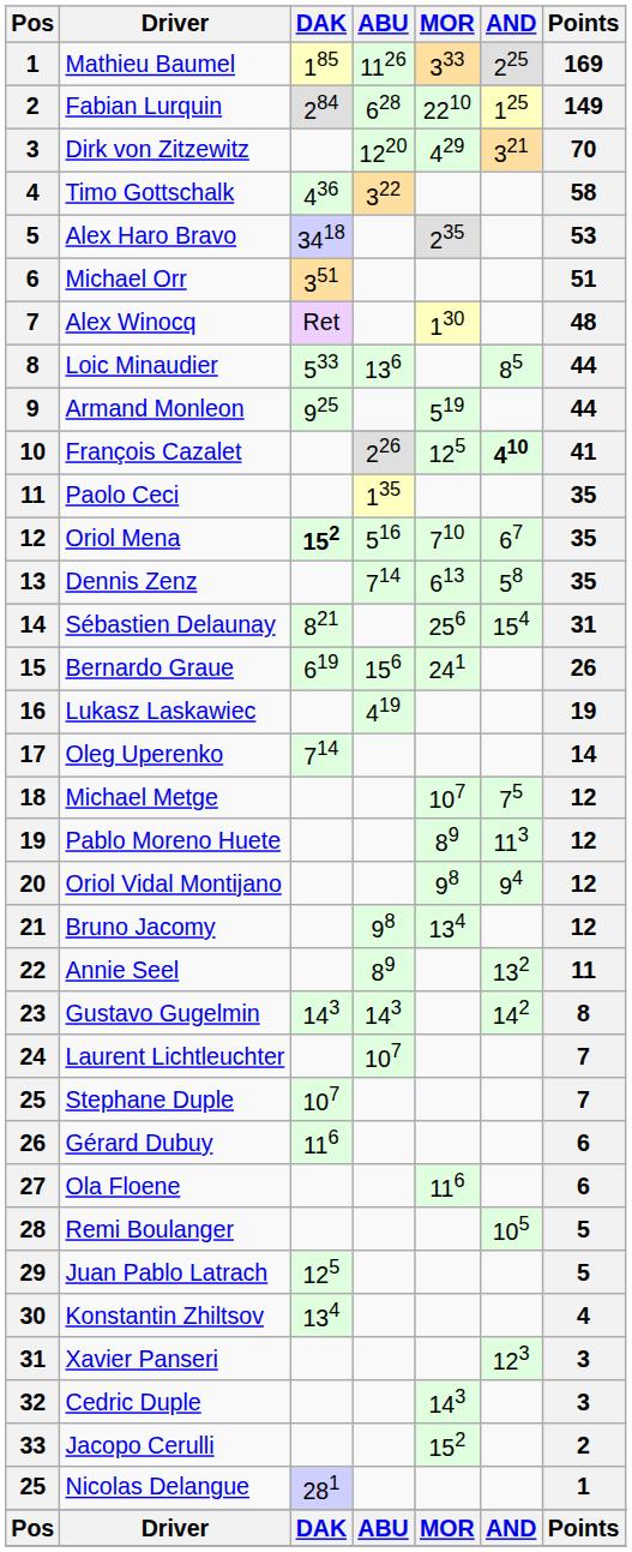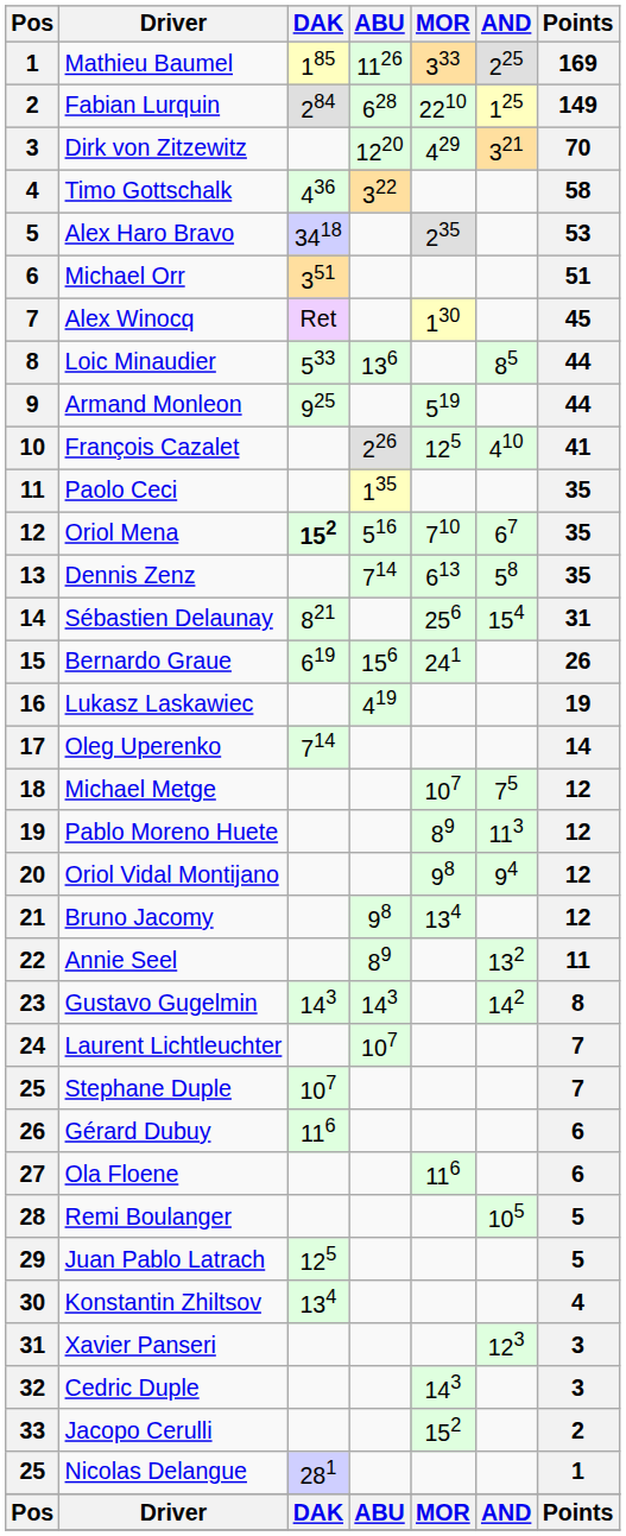 <table class="wikitable" style="font-size: 85%; text-align: center; display: inline-table;">
 <tr valign="top">
 <th valign="middle">Pos</th>
 <th valign="middle">Driver</th>
 <th><a href='#'>DAK</a><br></th>
 <th><a href='#'>ABU</a><br></th>
 <th><a href='#'>MOR</a><br></th>
 <th><a href='#'>AND</a><br></th>
 <th valign="middle">Points</th>
 </tr>
 <tr>
 <th>1</th>
 <td align=left> <a href='#'>Mathieu Baumel</a></td>
 <td style="background:#ffffbf;">1<sup>85</sup></td>
 <td style="background:#dfffdf;">11<sup>26</sup></td>
 <td style="background:#ffdf9f;">3<sup>33</sup></td>
 <td style="background:#dfdfdf;">2<sup>25</sup></td>
 <th>169</th>
 </tr>
 <tr>
 <th>2</th>
 <td align=left> <a href='#'>Fabian Lurquin</a></td>
 <td style="background:#dfdfdf;">2<sup>84</sup></td>
 <td style="background:#dfffdf;">6<sup>28</sup></td>
 <td style="background:#dfffdf;">22<sup>10</sup></td>
 <td style="background:#ffffbf;">1<sup>25</sup></td>
 <th>149</th>
 </tr>
 <tr>
 <th>3</th>
 <td align=left> <a href='#'>Dirk von Zitzewitz</a></td>
 <td></td>
 <td style="background:#dfffdf;">12<sup>20</sup></td>
 <td style="background:#dfffdf;">4<sup>29</sup></td>
 <td style="background:#ffdf9f;">3<sup>21</sup></td>
 <th>70</th>
 </tr>
 <tr>
 <th>4</th>
 <td align=left> <a href='#'>Timo Gottschalk</a></td>
 <td style="background:#dfffdf;">4<sup>36</sup></td>
 <td style="background:#ffdf9f;">3<sup>22</sup></td>
 <td></td>
 <td></td>
 <th>58</th>
 </tr>
 <tr>
 <th>5</th>
 <td align=left> <a href='#'>Alex Haro Bravo</a></td>
 <td style="background:#cfcfff;">34<sup>18</sup></td>
 <td></td>
 <td style="background:#dfdfdf;">2<sup>35</sup></td>
 <td></td>
 <th>53</th>
 </tr>
 <tr>
 <th>6</th>
 <td align=left> <a href='#'>Michael Orr</a></td>
 <td style="background:#ffdf9f;">3<sup>51</sup></td>
 <td></td>
 <td></td>
 <td></td>
 <th>51</th>
 </tr>
 <tr>
 <th>7</th>
 <td align=left> <a href='#'>Alex Winocq</a></td>
 <td style="background:#efcfff;">Ret</td>
 <td></td>
 <td style="background:#ffffbf;">1<sup>30</sup></td>
 <td></td>
-<th>48</th>
+<th>45</th>
 </tr>
 <tr>
 <th>8</th>
 <td align=left> <a href='#'>Loic Minaudier</a></td>
 <td style="background:#dfffdf;">5<sup>33</sup></td>
 <td style="background:#dfffdf;">13<sup>6</sup></td>
 <td></td>
 <td style="background:#dfffdf;">8<sup>5</sup></td>
 <th>44</th>
 </tr>
 <tr>
 <th>9</th>
 <td align=left> <a href='#'>Armand Monleon</a></td>
 <td style="background:#dfffdf;">9<sup>25</sup></td>
 <td></td>
 <td style="background:#dfffdf;">5<sup>19</sup></td>
 <td></td>
 <th>44</th>
 </tr>
 <tr>
 <th>10</th>
 <td align=left> <a href='#'>François Cazalet</a></td>
 <td></td>
 <td style="background:#dfdfdf;">2<sup>26</sup></td>
 <td style="background:#dfffdf;">12<sup>5</sup></td>
-<td style="background:#dfffdf;"><strong>4<sup>10</sup></strong></td>
+<td style="background:#dfffdf;">4<sup>10</sup></td>
 <th>41</th>
 </tr>
 <tr>
 <th>11</th>
 <td align=left> <a href='#'>Paolo Ceci</a></td>
 <td></td>
 <td style="background:#ffffbf;">1<sup>35</sup></td>
 <td></td>
 <td></td>
 <th>35</th>
 </tr>
 <tr>
 <th>12</th>
 <td align=left> <a href='#'>Oriol Mena</a></td>
 <td style="background:#dfffdf;"><strong>15<sup>2</sup></strong></td>
 <td style="background:#dfffdf;">5<sup>16</sup></td>
 <td style="background:#dfffdf;">7<sup>10</sup></td>
 <td style="background:#dfffdf;">6<sup>7</sup></td>
 <th>35</th>
 </tr>
 <tr>
 <th>13</th>
 <td align=left> <a href='#'>Dennis Zenz</a></td>
 <td></td>
 <td style="background:#dfffdf;">7<sup>14</sup></td>
 <td style="background:#dfffdf;">6<sup>13</sup></td>
 <td style="background:#dfffdf;">5<sup>8</sup></td>
 <th>35</th>
 </tr>
 <tr>
 <th>14</th>
 <td align=left> <a href='#'>Sébastien Delaunay</a></td>
 <td style="background:#dfffdf;">8<sup>21</sup></td>
 <td></td>
 <td style="background:#dfffdf;">25<sup>6</sup></td>
 <td style="background:#dfffdf;">15<sup>4</sup></td>
 <th>31</th>
 </tr>
 <tr>
 <th>15</th>
 <td align=left> <a href='#'>Bernardo Graue</a></td>
 <td style="background:#dfffdf;">6<sup>19</sup></td>
 <td style="background:#dfffdf;">15<sup>6</sup></td>
 <td style="background:#dfffdf;">24<sup>1</sup></td>
 <td></td>
 <th>26</th>
 </tr>
 <tr>
 <th>16</th>
 <td align=left> <a href='#'>Lukasz Laskawiec</a></td>
 <td></td>
 <td style="background:#dfffdf;">4<sup>19</sup></td>
 <td></td>
 <td></td>
 <th>19</th>
 </tr>
 <tr>
 <th>17</th>
 <td align=left> <a href='#'>Oleg Uperenko</a></td>
 <td style="background:#dfffdf;">7<sup>14</sup></td>
 <td></td>
 <td></td>
 <td></td>
 <th>14</th>
 </tr>
 <tr>
 <th>18</th>
 <td align=left> <a href='#'>Michael Metge</a></td>
 <td></td>
 <td></td>
 <td style="background:#dfffdf;">10<sup>7</sup></td>
 <td style="background:#dfffdf;">7<sup>5</sup></td>
 <th>12</th>
 </tr>
 <tr>
 <th>19</th>
 <td align=left> <a href='#'>Pablo Moreno Huete</a></td>
 <td></td>
 <td></td>
 <td style="background:#dfffdf;">8<sup>9</sup></td>
 <td style="background:#dfffdf;">11<sup>3</sup></td>
 <th>12</th>
 </tr>
 <tr>
 <th>20</th>
 <td align=left> <a href='#'>Oriol Vidal Montijano</a></td>
 <td></td>
 <td></td>
 <td style="background:#dfffdf;">9<sup>8</sup></td>
 <td style="background:#dfffdf;">9<sup>4</sup></td>
 <th>12</th>
 </tr>
 <tr>
 <th>21</th>
 <td align=left> <a href='#'>Bruno Jacomy</a></td>
 <td></td>
 <td style="background:#dfffdf;">9<sup>8</sup></td>
 <td style="background:#dfffdf;">13<sup>4</sup></td>
 <td></td>
 <th>12</th>
 </tr>
 <tr>
 <th>22</th>
 <td align=left> <a href='#'>Annie Seel</a></td>
 <td></td>
 <td style="background:#dfffdf;">8<sup>9</sup></td>
 <td></td>
 <td style="background:#dfffdf;">13<sup>2</sup></td>
 <th>11</th>
 </tr>
 <tr>
 <th>23</th>
 <td align=left> <a href='#'>Gustavo Gugelmin</a></td>
 <td style="background:#dfffdf;">14<sup>3</sup></td>
 <td style="background:#dfffdf;">14<sup>3</sup></td>
 <td></td>
 <td style="background:#dfffdf;">14<sup>2</sup></td>
 <th>8</th>
 </tr>
 <tr>
 <th>24</th>
 <td align=left> <a href='#'>Laurent Lichtleuchter</a></td>
 <td></td>
 <td style="background:#dfffdf;">10<sup>7</sup></td>
 <td></td>
 <td></td>
 <th>7</th>
 </tr>
 <tr>
 <th>25</th>
 <td align=left> <a href='#'>Stephane Duple</a></td>
 <td style="background:#dfffdf;">10<sup>7</sup></td>
 <td></td>
 <td></td>
 <td></td>
 <th>7</th>
 </tr>
 <tr>
 <th>26</th>
 <td align=left> <a href='#'>Gérard Dubuy</a></td>
 <td style="background:#dfffdf;">11<sup>6</sup></td>
 <td></td>
 <td></td>
 <td></td>
 <th>6</th>
 </tr>
 <tr>
 <th>27</th>
 <td align=left> <a href='#'>Ola Floene</a></td>
 <td></td>
 <td></td>
 <td style="background:#dfffdf;">11<sup>6</sup></td>
 <td></td>
 <th>6</th>
 </tr>
 <tr>
 <th>28</th>
 <td align=left> <a href='#'>Remi Boulanger</a></td>
 <td></td>
 <td></td>
 <td></td>
 <td style="background:#dfffdf;">10<sup>5</sup></td>
 <th>5</th>
 </tr>
 <tr>
 <th>29</th>
 <td align=left> <a href='#'>Juan Pablo Latrach</a></td>
 <td style="background:#dfffdf;">12<sup>5</sup></td>
 <td></td>
 <td></td>
 <td></td>
 <th>5</th>
 </tr>
 <tr>
 <th>30</th>
 <td align=left> <a href='#'>Konstantin Zhiltsov</a></td>
 <td style="background:#dfffdf;">13<sup>4</sup></td>
 <td></td>
 <td></td>
 <td></td>
 <th>4</th>
 </tr>
 <tr>
 <th>31</th>
 <td align=left> <a href='#'>Xavier Panseri</a></td>
 <td></td>
 <td></td>
 <td></td>
 <td style="background:#dfffdf;">12<sup>3</sup></td>
 <th>3</th>
 </tr>
 <tr>
 <th>32</th>
 <td align=left> <a href='#'>Cedric Duple</a></td>
 <td></td>
 <td></td>
 <td style="background:#dfffdf;">14<sup>3</sup></td>
 <td></td>
 <th>3</th>
 </tr>
 <tr>
 <th>33</th>
 <td align=left> <a href='#'>Jacopo Cerulli</a></td>
 <td></td>
 <td></td>
 <td style="background:#dfffdf;">15<sup>2</sup></td>
 <td></td>
 <th>2</th>
 </tr>
 <tr>
 <th>25</th>
 <td align=left> <a href='#'>Nicolas Delangue</a></td>
 <td style="background:#cfcfff;">28<sup>1</sup></td>
 <td></td>
 <td></td>
 <td></td>
 <th>1</th>
 </tr>
 <tr>
 </tr>
 <tr valign="top">
 <th valign="middle">Pos</th>
 <th valign="middle">Driver</th>
 <th><a href='#'>DAK</a><br></th>
 <th><a href='#'>ABU</a><br></th>
 <th><a href='#'>MOR</a><br></th>
 <th><a href='#'>AND</a><br></th>
 <th valign="middle">Points</th>
 </tr>
 <tr>
 </tr>
 </table>
